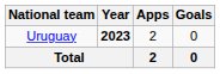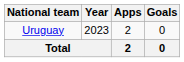 <table class="wikitable" style="text-align:center">
 <tr>
 <th>National team</th>
 <th>Year</th>
 <th>Apps</th>
 <th>Goals</th>
 </tr>
 <tr>
 <td rowspan=1><a href='#'>Uruguay</a></td>
-<td><strong>2023</strong></td>
+<td>2023</td>
 <td>2</td>
 <td>0</td>
 </tr>
 <tr>
 <th colspan=2>Total</th>
 <th>2</th>
 <th>0</th>
 </tr>
 </table>
